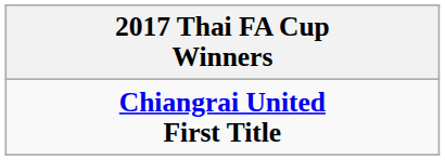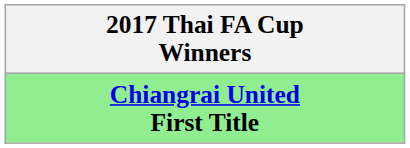 <table class="wikitable" style="text-align: center; margin: 0 auto; width: 20%">
 <tr>
 <th>2017 Thai FA Cup<br>Winners</th>
 </tr>
 <tr>
-<td align="center"><strong><a href='#'>Chiangrai United</a></strong><br><strong>First Title</strong></td>
+<td align="center" style="background: lightgreen;"><strong><a href='#'>Chiangrai United</a></strong><br><strong>First Title</strong></td>
 </tr>
 </table>
